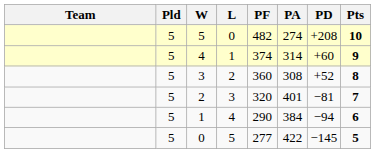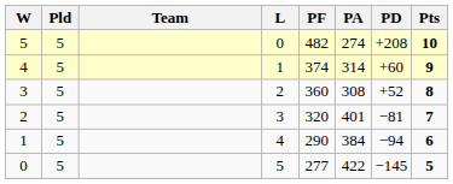 <table class=wikitable style="text-align:center">
 <tr>
+<th width=30>W</th>
+<th width=30>Pld</th>
 <th width=180>Team</th>
-<th width=30>Pld</th>
-<th width=30>W</th>
 <th width=30>L</th>
 <th width=30>PF</th>
 <th width=30>PA</th>
 <th width=30>PD</th>
 <th width=30>Pts</th>
 </tr>
 <tr bgcolor="#ffffcc">
-<td align="left"></td>
 <td>5</td>
 <td>5</td>
+<td align="left"></td>
 <td>0</td>
 <td>482</td>
 <td>274</td>
 <td>+208</td>
 <td><strong>10</strong></td>
 </tr>
 <tr bgcolor="#ffffcc">
+<td>4</td>
+<td>5</td>
 <td align="left"></td>
-<td>5</td>
-<td>4</td>
 <td>1</td>
 <td>374</td>
 <td>314</td>
 <td>+60</td>
 <td><strong>9</strong></td>
 </tr>
 <tr>
+<td>3</td>
+<td>5</td>
 <td align="left"></td>
-<td>5</td>
-<td>3</td>
 <td>2</td>
 <td>360</td>
 <td>308</td>
 <td>+52</td>
 <td><strong>8</strong></td>
 </tr>
 <tr>
+<td>2</td>
+<td>5</td>
 <td align="left"></td>
-<td>5</td>
-<td>2</td>
 <td>3</td>
 <td>320</td>
 <td>401</td>
 <td>−81</td>
 <td><strong>7</strong></td>
 </tr>
 <tr>
+<td>1</td>
+<td>5</td>
 <td align="left"></td>
-<td>5</td>
-<td>1</td>
 <td>4</td>
 <td>290</td>
 <td>384</td>
 <td>−94</td>
 <td><strong>6</strong></td>
 </tr>
 <tr>
+<td>0</td>
+<td>5</td>
 <td align="left"></td>
-<td>5</td>
-<td>0</td>
 <td>5</td>
 <td>277</td>
 <td>422</td>
 <td>−145</td>
 <td><strong>5</strong></td>
 </tr>
 </table>
